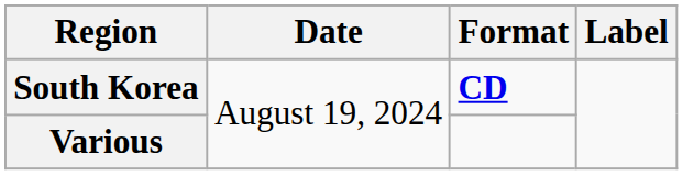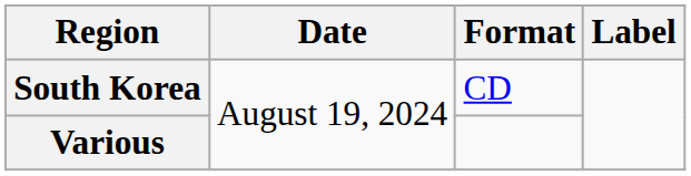 <table class="wikitable plainrowheaders">
 <tr>
 <th scope="col">Region</th>
 <th scope="col">Date</th>
 <th scope="col">Format</th>
 <th scope="col">Label</th>
 </tr>
 <tr>
 <th scope="row">South Korea</th>
 <td rowspan="2">August 19, 2024</td>
-<td><strong><a href='#'>CD</a></strong></td>
+<td><a href='#'>CD</a></td>
 <td rowspan="2"></td>
 </tr>
 <tr>
 <th scope="row">Various </th>
 <td></td>
 </tr>
 </table>
